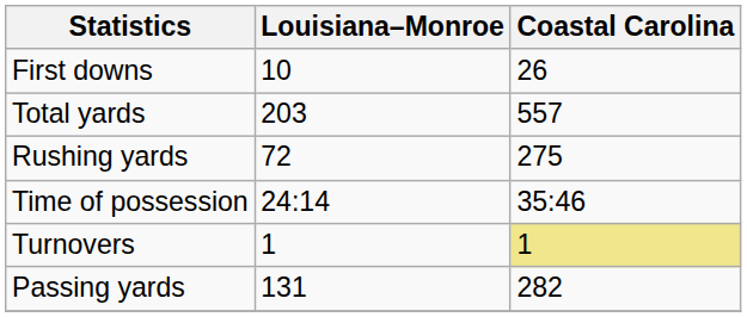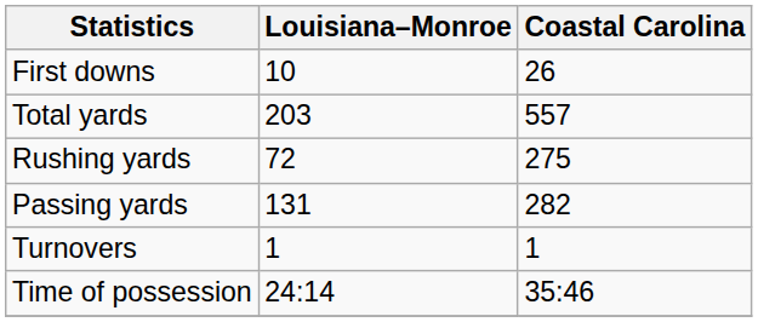 <table class="wikitable">
 <tr>
 <th>Statistics</th>
 <th>Louisiana–Monroe</th>
 <th>Coastal Carolina</th>
 </tr>
 <tr>
 <td>First downs</td>
 <td>10</td>
 <td>26</td>
 </tr>
 <tr>
 <td>Total yards</td>
 <td>203</td>
 <td>557</td>
 </tr>
 <tr>
 <td>Rushing yards</td>
 <td>72</td>
 <td>275</td>
 </tr>
 <tr>
+<td>Passing yards</td>
+<td>131</td>
+<td>282</td>
+</tr>
+<tr>
+<td>Turnovers</td>
+<td>1</td>
+<td>1</td>
+</tr>
+<tr>
 <td>Time of possession</td>
 <td>24:14</td>
 <td>35:46</td>
 </tr>
 <tr>
-<td>Turnovers</td>
-<td>1</td>
-<td style="background: khaki;">1</td>
-</tr>
-<tr>
-<td>Passing yards</td>
-<td>131</td>
-<td>282</td>
-</tr>
-<tr>
 </tr>
 </table>
